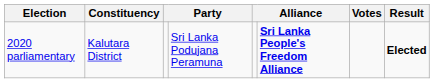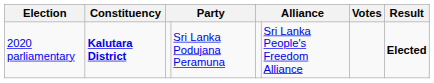 <table class="wikitable" style="text-align:left;">
 <tr>
 <th scope=col>Election</th>
 <th scope=col>Constituency</th>
 <th scope=col colspan="2">Party</th>
 <th scope=col colspan="2">Alliance</th>
 <th scope=col>Votes</th>
 <th scope=col>Result</th>
 </tr>
 <tr>
 <td><a href='#'>2020 parliamentary</a></td>
-<td><a href='#'>Kalutara District</a></td>
+<td><strong><a href='#'>Kalutara District</a></strong></td>
 <td style="background:"></td>
 <td><a href='#'>Sri Lanka Podujana Peramuna</a></td>
 <td style="background:"></td>
-<td><strong><a href='#'>Sri Lanka People's Freedom Alliance</a></strong></td>
+<td><a href='#'>Sri Lanka People's Freedom Alliance</a></td>
 <td align=right></td>
 <td><strong>Elected</strong></td>
 </tr>
 </table>
